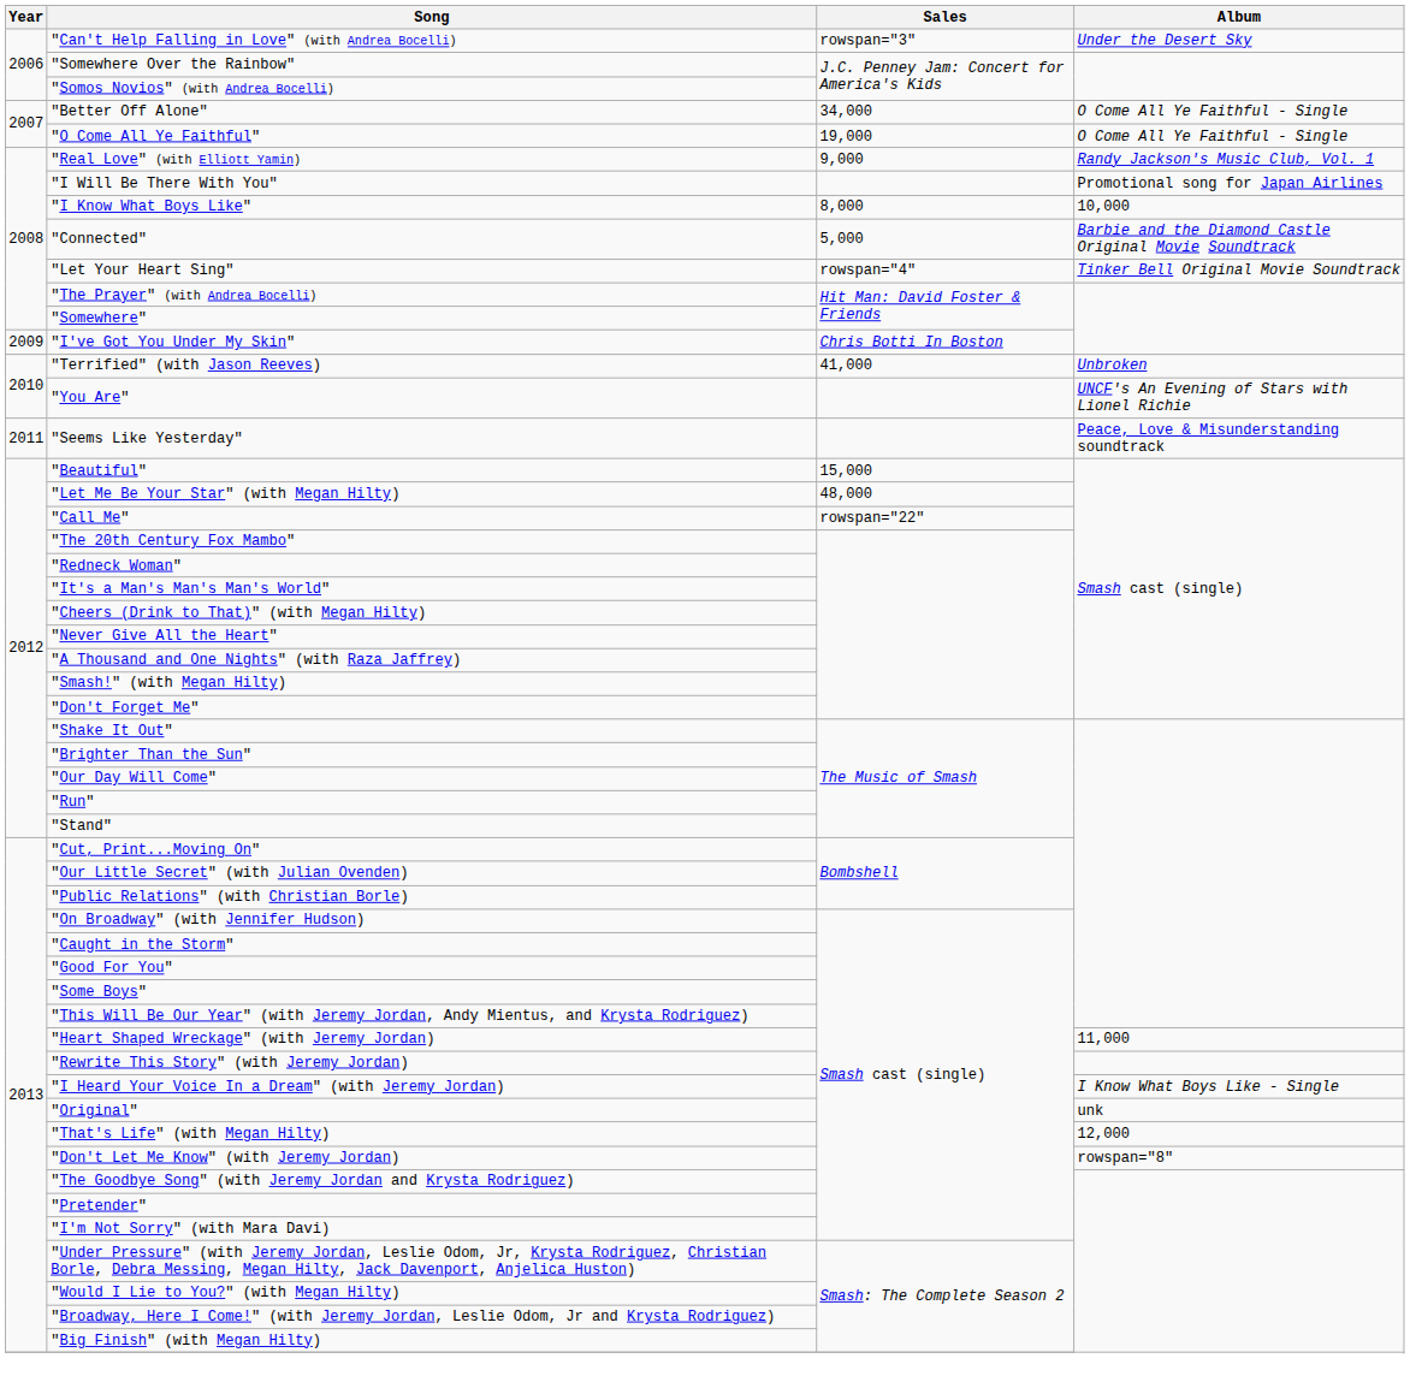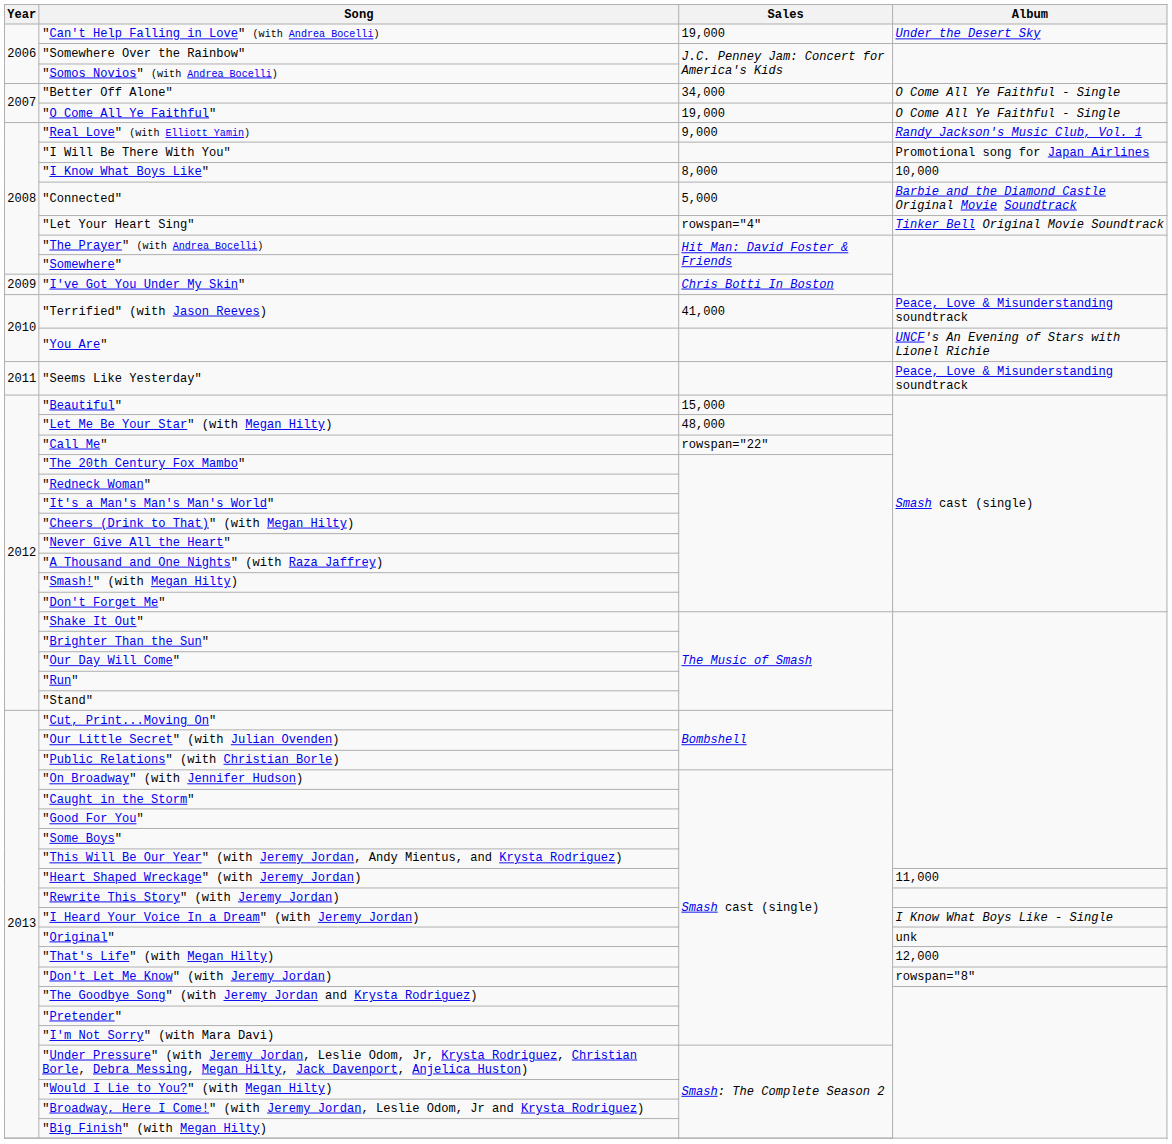 <table class="wikitable">
 <tr>
 <th>Year</th>
 <th>Song</th>
 <th>Sales</th>
 <th>Album</th>
 </tr>
 <tr>
 <td rowspan="3">2006</td>
 <td>"<a href='#'>Can't Help Falling in Love</a>" <small>(with <a href='#'>Andrea Bocelli</a>)</small></td>
-<td>rowspan="3" </td>
+<td>19,000</td>
 <td><em><a href='#'>Under the Desert Sky</a></em></td>
 </tr>
 <tr>
 <td>"Somewhere Over the Rainbow"</td>
 <td rowspan="2"><em>J.C. Penney Jam: Concert for America's Kids</em></td>
 </tr>
 <tr>
 <td>"<a href='#'>Somos Novios</a>" <small>(with <a href='#'>Andrea Bocelli</a>)</small></td>
 </tr>
 <tr>
 <td rowspan="2">2007</td>
 <td>"Better Off Alone"</td>
 <td>34,000</td>
 <td><em>O Come All Ye Faithful - Single</em></td>
 </tr>
 <tr>
 <td>"<a href='#'>O Come All Ye Faithful</a>"</td>
 <td>19,000</td>
 <td><em>O Come All Ye Faithful - Single</em></td>
 </tr>
 <tr>
 <td rowspan="7">2008</td>
 <td>"<a href='#'>Real Love</a>" <small>(with <a href='#'>Elliott Yamin</a>)</small></td>
 <td>9,000</td>
 <td><em><a href='#'>Randy Jackson's Music Club, Vol. 1</a></em></td>
 </tr>
 <tr>
 <td>"I Will Be There With You"</td>
 <td></td>
 <td>Promotional song for <a href='#'>Japan Airlines</a></td>
 </tr>
 <tr>
 <td>"<a href='#'>I Know What Boys Like</a>"</td>
 <td>8,000</td>
 <td>10,000</td>
 </tr>
 <tr>
 <td>"Connected"</td>
 <td>5,000</td>
 <td><em><a href='#'>Barbie and the Diamond Castle</a> Original <a href='#'>Movie</a> <a href='#'>Soundtrack</a></em></td>
 </tr>
 <tr>
 <td>"Let Your Heart Sing"</td>
 <td>rowspan="4" </td>
 <td><em><a href='#'>Tinker Bell</a> Original Movie Soundtrack</em></td>
 </tr>
 <tr>
 <td>"<a href='#'>The Prayer</a>" <small>(with <a href='#'>Andrea Bocelli</a>)</small></td>
 <td rowspan="2"><em><a href='#'>Hit Man: David Foster & Friends</a></em></td>
 </tr>
 <tr>
 <td>"<a href='#'>Somewhere</a>"</td>
 </tr>
 <tr>
 <td rowspan="1">2009</td>
 <td>"<a href='#'>I've Got You Under My Skin</a>"</td>
 <td><em><a href='#'>Chris Botti In Boston</a></em></td>
 </tr>
 <tr>
 <td rowspan="2">2010</td>
 <td>"Terrified" (with <a href='#'>Jason Reeves</a>)</td>
 <td>41,000</td>
-<td><em><a href='#'>Unbroken</a></em></td>
+<td><a href='#'>Peace, Love & Misunderstanding</a> soundtrack</td>
 </tr>
 <tr>
 <td>"<a href='#'>You Are</a>"</td>
 <td></td>
 <td><em><a href='#'>UNCF</a>'s An Evening of Stars with Lionel Richie</em></td>
 </tr>
 <tr>
 <td rowspan="1">2011</td>
 <td>"Seems Like Yesterday"</td>
 <td></td>
 <td><a href='#'>Peace, Love & Misunderstanding</a> soundtrack</td>
 </tr>
 <tr>
 <td rowspan="16">2012</td>
 <td>"<a href='#'>Beautiful</a>"</td>
 <td>15,000</td>
 <td rowspan="11"><em><a href='#'>Smash</a></em> cast (single)</td>
 </tr>
 <tr>
 <td>"<a href='#'>Let Me Be Your Star</a>" (with <a href='#'>Megan Hilty</a>)</td>
 <td>48,000</td>
 </tr>
 <tr>
 <td>"<a href='#'>Call Me</a>"</td>
 <td>rowspan="22" </td>
 </tr>
 <tr>
 <td>"<a href='#'>The 20th Century Fox Mambo</a>"</td>
 </tr>
 <tr>
 <td>"<a href='#'>Redneck Woman</a>"</td>
 </tr>
 <tr>
 <td>"<a href='#'>It's a Man's Man's Man's World</a>"</td>
 </tr>
 <tr>
 <td>"<a href='#'>Cheers (Drink to That)</a>" (with <a href='#'>Megan Hilty</a>)</td>
 </tr>
 <tr>
 <td>"<a href='#'>Never Give All the Heart</a>"</td>
 </tr>
 <tr>
 <td>"<a href='#'>A Thousand and One Nights</a>" (with <a href='#'>Raza Jaffrey</a>)</td>
 </tr>
 <tr>
 <td>"<a href='#'>Smash!</a>" (with <a href='#'>Megan Hilty</a>)</td>
 </tr>
 <tr>
 <td>"<a href='#'>Don't Forget Me</a>"</td>
 </tr>
 <tr>
 <td>"<a href='#'>Shake It Out</a>"</td>
 <td rowspan="5"><em><a href='#'>The Music of Smash</a></em></td>
 </tr>
 <tr>
 <td>"<a href='#'>Brighter Than the Sun</a>"</td>
 </tr>
 <tr>
 <td>"<a href='#'>Our Day Will Come</a>"</td>
 </tr>
 <tr>
 <td>"<a href='#'>Run</a>"</td>
 </tr>
 <tr>
 <td>"Stand"</td>
 </tr>
 <tr>
 <td rowspan="21">2013</td>
 <td>"<a href='#'>Cut, Print...Moving On</a>"</td>
 <td rowspan="3"><em><a href='#'>Bombshell</a></em></td>
 </tr>
 <tr>
 <td>"<a href='#'>Our Little Secret</a>" (with <a href='#'>Julian Ovenden</a>)</td>
 </tr>
 <tr>
 <td>"<a href='#'>Public Relations</a>" (with <a href='#'>Christian Borle</a>)</td>
 </tr>
 <tr>
 <td>"<a href='#'>On Broadway</a>" (with <a href='#'>Jennifer Hudson</a>)</td>
 <td rowspan="14"><em><a href='#'>Smash</a></em> cast (single)</td>
 </tr>
 <tr>
 <td>"<a href='#'>Caught in the Storm</a>"</td>
 </tr>
 <tr>
 <td>"<a href='#'>Good For You</a>"</td>
 </tr>
 <tr>
 <td>"<a href='#'>Some Boys</a>"</td>
 </tr>
 <tr>
 <td>"<a href='#'>This Will Be Our Year</a>" (with <a href='#'>Jeremy Jordan</a>, Andy Mientus, and <a href='#'>Krysta Rodriguez</a>)</td>
 </tr>
 <tr>
 <td>"<a href='#'>Heart Shaped Wreckage</a>" (with <a href='#'>Jeremy Jordan</a>)</td>
 <td>11,000</td>
 </tr>
 <tr>
 <td>"<a href='#'>Rewrite This Story</a>" (with <a href='#'>Jeremy Jordan</a>)</td>
 <td></td>
 </tr>
 <tr>
 <td>"<a href='#'>I Heard Your Voice In a Dream</a>" (with <a href='#'>Jeremy Jordan</a>)</td>
 <td><em>I Know What Boys Like - Single</em></td>
 </tr>
 <tr>
 <td>"<a href='#'>Original</a>"</td>
 <td>unk</td>
 </tr>
 <tr>
 <td>"<a href='#'>That's Life</a>" (with <a href='#'>Megan Hilty</a>)</td>
 <td>12,000</td>
 </tr>
 <tr>
 <td>"<a href='#'>Don't Let Me Know</a>" (with <a href='#'>Jeremy Jordan</a>)</td>
 <td>rowspan="8" </td>
 </tr>
 <tr>
 <td>"<a href='#'>The Goodbye Song</a>" (with <a href='#'>Jeremy Jordan</a> and <a href='#'>Krysta Rodriguez</a>)</td>
 </tr>
 <tr>
 <td>"<a href='#'>Pretender</a>"</td>
 </tr>
 <tr>
 <td>"<a href='#'>I'm Not Sorry</a>" (with Mara Davi)</td>
 </tr>
 <tr>
 <td>"<a href='#'>Under Pressure</a>" (with <a href='#'>Jeremy Jordan</a>, Leslie Odom, Jr, <a href='#'>Krysta Rodriguez</a>, <a href='#'>Christian Borle</a>, <a href='#'>Debra Messing</a>, <a href='#'>Megan Hilty</a>, <a href='#'>Jack Davenport</a>, <a href='#'>Anjelica Huston</a>)</td>
 <td rowspan="4"><em><a href='#'>Smash</a>: The Complete Season 2</em></td>
 </tr>
 <tr>
 <td>"<a href='#'>Would I Lie to You?</a>" (with <a href='#'>Megan Hilty</a>)</td>
 </tr>
 <tr>
 <td>"<a href='#'>Broadway, Here I Come!</a>" (with <a href='#'>Jeremy Jordan</a>, Leslie Odom, Jr and <a href='#'>Krysta Rodriguez</a>)</td>
 </tr>
 <tr>
 <td>"<a href='#'>Big Finish</a>" (with <a href='#'>Megan Hilty</a>)</td>
 </tr>
 <tr>
 </tr>
 </table>
